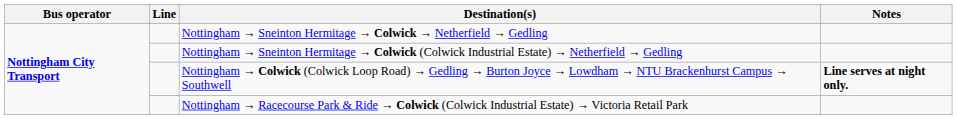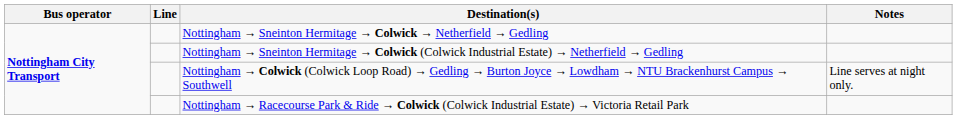 <table class="wikitable">
 <tr>
 <th>Bus operator</th>
 <th>Line</th>
 <th>Destination(s)</th>
 <th>Notes</th>
 </tr>
 <tr>
 <td rowspan="4"><strong><a href='#'>Nottingham City Transport</a></strong></td>
 <td><strong></strong></td>
 <td><a href='#'>Nottingham</a> → <a href='#'>Sneinton Hermitage</a> → <strong>Colwick</strong> → <a href='#'>Netherfield</a> → <a href='#'>Gedling</a></td>
 <td></td>
 </tr>
 <tr>
 <td><strong></strong></td>
 <td><a href='#'>Nottingham</a> → <a href='#'>Sneinton Hermitage</a> → <strong>Colwick</strong> (Colwick Industrial Estate) → <a href='#'>Netherfield</a> → <a href='#'>Gedling</a></td>
 <td></td>
 </tr>
 <tr>
 <td><strong></strong></td>
 <td><a href='#'>Nottingham</a> → <strong>Colwick</strong> (Colwick Loop Road) → <a href='#'>Gedling</a> → <a href='#'>Burton Joyce</a> → <a href='#'>Lowdham</a> → <a href='#'>NTU Brackenhurst Campus</a> → <a href='#'>Southwell</a></td>
-<td><strong>Line serves at night only.</strong></td>
+<td>Line serves at night only.</td>
 </tr>
 <tr>
 <td><strong></strong></td>
 <td><a href='#'>Nottingham</a> → <a href='#'>Racecourse Park & Ride</a> → <strong>Colwick</strong> (Colwick Industrial Estate) → Victoria Retail Park</td>
 <td></td>
 </tr>
 </table>
